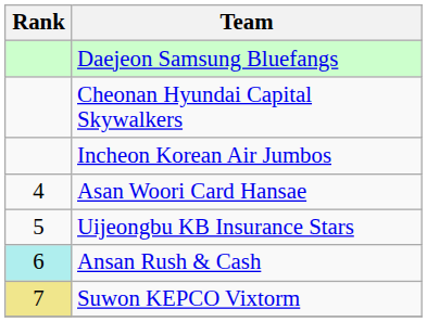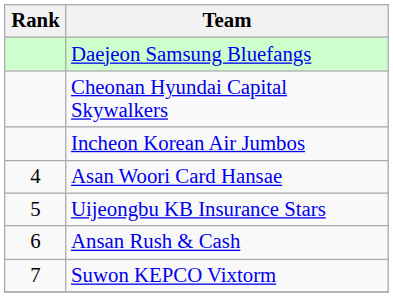 <table class="wikitable" style="text-align: center;">
 <tr>
 <th width=40>Rank</th>
 <th width=240>Team</th>
 </tr>
 <tr bgcolor=#ccffcc>
 <td></td>
 <td align=left><a href='#'>Daejeon Samsung Bluefangs</a></td>
 </tr>
 <tr>
 <td></td>
 <td align=left><a href='#'>Cheonan Hyundai Capital Skywalkers</a></td>
 </tr>
 <tr>
 <td></td>
 <td align=left><a href='#'>Incheon Korean Air Jumbos</a></td>
 </tr>
 <tr>
 <td>4</td>
 <td align=left><a href='#'>Asan Woori Card Hansae</a></td>
 </tr>
 <tr>
 <td>5</td>
 <td align=left><a href='#'>Uijeongbu KB Insurance Stars</a></td>
 </tr>
 <tr>
-<td style="background: paleturquoise;">6</td>
+<td>6</td>
 <td align=left><a href='#'>Ansan Rush & Cash</a></td>
 </tr>
 <tr>
-<td style="background: khaki;">7</td>
+<td>7</td>
 <td align=left><a href='#'>Suwon KEPCO Vixtorm</a></td>
 </tr>
 <tr>
 </tr>
 </table>
